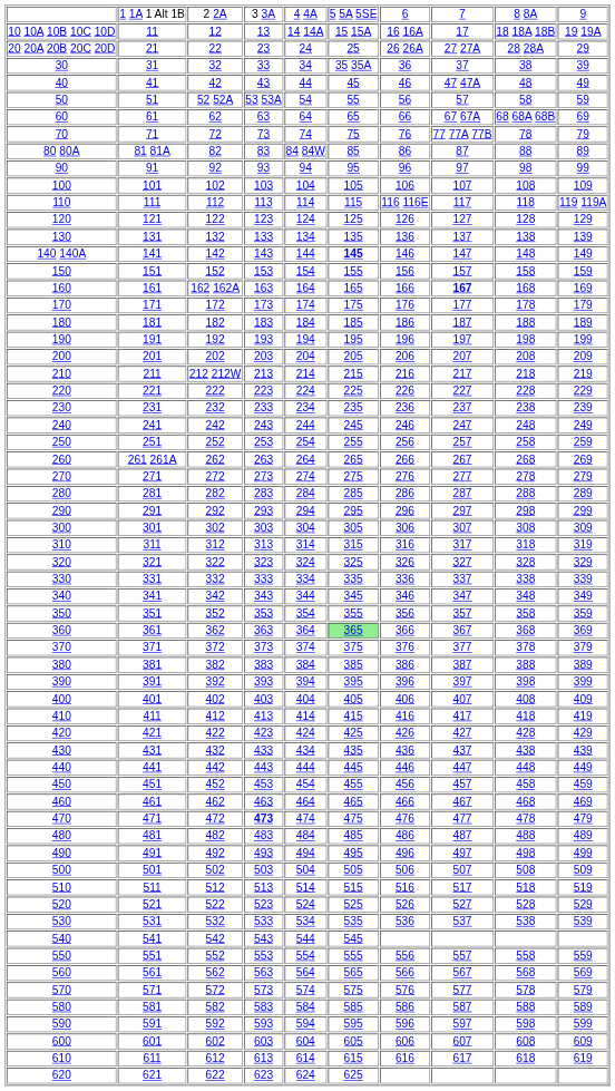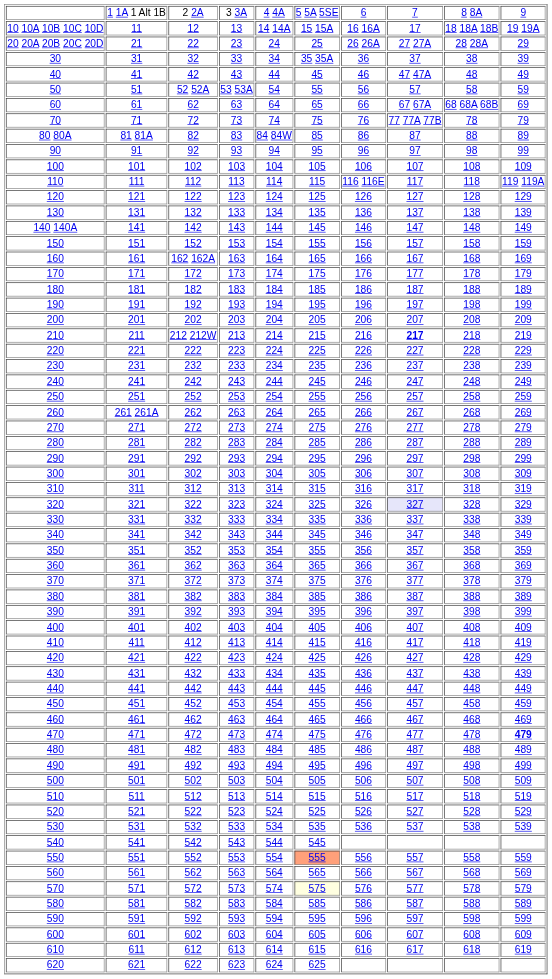 <table style="text-align:center;" border=1>
 <tr>
 <td></td>
 <td><a href='#'>1</a> <a href='#'>1A</a> 1 Alt 1B</td>
 <td>2 <a href='#'>2A</a></td>
 <td>3 <a href='#'>3A</a></td>
 <td><a href='#'>4</a> <a href='#'>4A</a></td>
 <td><a href='#'>5</a> <a href='#'>5A</a> <a href='#'>5SE</a></td>
 <td><a href='#'>6</a></td>
 <td><a href='#'>7</a></td>
 <td><a href='#'>8</a> <a href='#'>8A</a></td>
 <td><a href='#'>9</a></td>
 </tr>
 <tr>
 <td><a href='#'>10</a> <a href='#'>10A</a> <a href='#'>10B</a> <a href='#'>10C</a> <a href='#'>10D</a></td>
 <td><a href='#'>11</a></td>
 <td><a href='#'>12</a></td>
 <td><a href='#'>13</a></td>
 <td><a href='#'>14</a> <a href='#'>14A</a></td>
 <td><a href='#'>15</a> <a href='#'>15A</a></td>
 <td><a href='#'>16</a> <a href='#'>16A</a></td>
 <td><a href='#'>17</a></td>
 <td><a href='#'>18</a> <a href='#'>18A</a> <a href='#'>18B</a></td>
 <td><a href='#'>19</a> <a href='#'>19A</a></td>
 </tr>
 <tr>
 <td><a href='#'>20</a> <a href='#'>20A</a> <a href='#'>20B</a> <a href='#'>20C</a> <a href='#'>20D</a></td>
 <td><a href='#'>21</a></td>
 <td><a href='#'>22</a></td>
 <td><a href='#'>23</a></td>
 <td><a href='#'>24</a></td>
 <td><a href='#'>25</a></td>
 <td><a href='#'>26</a> <a href='#'>26A</a></td>
 <td><a href='#'>27</a> <a href='#'>27A</a></td>
 <td><a href='#'>28</a> <a href='#'>28A</a></td>
 <td><a href='#'>29</a></td>
 </tr>
 <tr>
 <td><a href='#'>30</a></td>
 <td><a href='#'>31</a></td>
 <td><a href='#'>32</a></td>
 <td><a href='#'>33</a></td>
 <td><a href='#'>34</a></td>
 <td><a href='#'>35</a> <a href='#'>35A</a></td>
 <td><a href='#'>36</a></td>
 <td><a href='#'>37</a></td>
 <td><a href='#'>38</a></td>
 <td><a href='#'>39</a></td>
 </tr>
 <tr>
 <td><a href='#'>40</a></td>
 <td><a href='#'>41</a></td>
 <td><a href='#'>42</a></td>
 <td><a href='#'>43</a></td>
 <td><a href='#'>44</a></td>
 <td><a href='#'>45</a></td>
 <td><a href='#'>46</a></td>
 <td><a href='#'>47</a> <a href='#'>47A</a></td>
 <td><a href='#'>48</a></td>
 <td><a href='#'>49</a></td>
 </tr>
 <tr>
 <td><a href='#'>50</a></td>
 <td><a href='#'>51</a></td>
 <td><a href='#'>52</a> <a href='#'>52A</a></td>
 <td><a href='#'>53</a> <a href='#'>53A</a></td>
 <td><a href='#'>54</a></td>
 <td><a href='#'>55</a></td>
 <td><a href='#'>56</a></td>
 <td><a href='#'>57</a></td>
 <td><a href='#'>58</a></td>
 <td><a href='#'>59</a></td>
 </tr>
 <tr>
 <td><a href='#'>60</a></td>
 <td><a href='#'>61</a></td>
 <td><a href='#'>62</a></td>
 <td><a href='#'>63</a></td>
 <td><a href='#'>64</a></td>
 <td><a href='#'>65</a></td>
 <td><a href='#'>66</a></td>
 <td><a href='#'>67</a> <a href='#'>67A</a></td>
 <td><a href='#'>68</a> <a href='#'>68A</a> <a href='#'>68B</a></td>
 <td><a href='#'>69</a></td>
 </tr>
 <tr>
 <td><a href='#'>70</a></td>
 <td><a href='#'>71</a></td>
 <td><a href='#'>72</a></td>
 <td><a href='#'>73</a></td>
 <td><a href='#'>74</a></td>
 <td><a href='#'>75</a></td>
 <td><a href='#'>76</a></td>
 <td><a href='#'>77</a> <a href='#'>77A</a> <a href='#'>77B</a></td>
 <td><a href='#'>78</a></td>
 <td><a href='#'>79</a></td>
 </tr>
 <tr>
 <td><a href='#'>80</a> <a href='#'>80A</a></td>
 <td><a href='#'>81</a> <a href='#'>81A</a></td>
 <td><a href='#'>82</a></td>
 <td><a href='#'>83</a></td>
 <td><a href='#'>84</a> <a href='#'>84W</a></td>
 <td><a href='#'>85</a></td>
 <td><a href='#'>86</a></td>
 <td><a href='#'>87</a></td>
 <td><a href='#'>88</a></td>
 <td><a href='#'>89</a></td>
 </tr>
 <tr>
 <td><a href='#'>90</a></td>
 <td><a href='#'>91</a></td>
 <td><a href='#'>92</a></td>
 <td><a href='#'>93</a></td>
 <td><a href='#'>94</a></td>
 <td><a href='#'>95</a></td>
 <td><a href='#'>96</a></td>
 <td><a href='#'>97</a></td>
 <td><a href='#'>98</a></td>
 <td><a href='#'>99</a></td>
 </tr>
 <tr>
 <td><a href='#'>100</a></td>
 <td><a href='#'>101</a></td>
 <td><a href='#'>102</a></td>
 <td><a href='#'>103</a></td>
 <td><a href='#'>104</a></td>
 <td><a href='#'>105</a></td>
 <td><a href='#'>106</a></td>
 <td><a href='#'>107</a></td>
 <td><a href='#'>108</a></td>
 <td><a href='#'>109</a></td>
 </tr>
 <tr>
 <td><a href='#'>110</a></td>
 <td><a href='#'>111</a></td>
 <td><a href='#'>112</a></td>
 <td><a href='#'>113</a></td>
 <td><a href='#'>114</a></td>
 <td><a href='#'>115</a></td>
 <td><a href='#'>116</a> <a href='#'>116E</a></td>
 <td><a href='#'>117</a></td>
 <td><a href='#'>118</a></td>
 <td><a href='#'>119</a> <a href='#'>119A</a></td>
 </tr>
 <tr>
 <td><a href='#'>120</a></td>
 <td><a href='#'>121</a></td>
 <td><a href='#'>122</a></td>
 <td><a href='#'>123</a></td>
 <td><a href='#'>124</a></td>
 <td><a href='#'>125</a></td>
 <td><a href='#'>126</a></td>
 <td><a href='#'>127</a></td>
 <td><a href='#'>128</a></td>
 <td><a href='#'>129</a></td>
 </tr>
 <tr>
 <td><a href='#'>130</a></td>
 <td><a href='#'>131</a></td>
 <td><a href='#'>132</a></td>
 <td><a href='#'>133</a></td>
 <td><a href='#'>134</a></td>
 <td><a href='#'>135</a></td>
 <td><a href='#'>136</a></td>
 <td><a href='#'>137</a></td>
 <td><a href='#'>138</a></td>
 <td><a href='#'>139</a></td>
 </tr>
 <tr>
 <td><a href='#'>140</a> <a href='#'>140A</a></td>
 <td><a href='#'>141</a></td>
 <td><a href='#'>142</a></td>
 <td><a href='#'>143</a></td>
 <td><a href='#'>144</a></td>
-<td><strong><a href='#'>145</a></strong></td>
+<td><a href='#'>145</a></td>
 <td><a href='#'>146</a></td>
 <td><a href='#'>147</a></td>
 <td><a href='#'>148</a></td>
 <td><a href='#'>149</a></td>
 </tr>
 <tr>
 <td><a href='#'>150</a></td>
 <td><a href='#'>151</a></td>
 <td><a href='#'>152</a></td>
 <td><a href='#'>153</a></td>
 <td><a href='#'>154</a></td>
 <td><a href='#'>155</a></td>
 <td><a href='#'>156</a></td>
 <td><a href='#'>157</a></td>
 <td><a href='#'>158</a></td>
 <td><a href='#'>159</a></td>
 </tr>
 <tr>
 <td><a href='#'>160</a></td>
 <td><a href='#'>161</a></td>
 <td><a href='#'>162</a> <a href='#'>162A</a></td>
 <td><a href='#'>163</a></td>
 <td><a href='#'>164</a></td>
 <td><a href='#'>165</a></td>
 <td><a href='#'>166</a></td>
-<td><strong><a href='#'>167</a></strong></td>
+<td><a href='#'>167</a></td>
 <td><a href='#'>168</a></td>
 <td><a href='#'>169</a></td>
 </tr>
 <tr>
 <td><a href='#'>170</a></td>
 <td><a href='#'>171</a></td>
 <td><a href='#'>172</a></td>
 <td><a href='#'>173</a></td>
 <td><a href='#'>174</a></td>
 <td><a href='#'>175</a></td>
 <td><a href='#'>176</a></td>
 <td><a href='#'>177</a></td>
 <td><a href='#'>178</a></td>
 <td><a href='#'>179</a></td>
 </tr>
 <tr>
 <td><a href='#'>180</a></td>
 <td><a href='#'>181</a></td>
 <td><a href='#'>182</a></td>
 <td><a href='#'>183</a></td>
 <td><a href='#'>184</a></td>
 <td><a href='#'>185</a></td>
 <td><a href='#'>186</a></td>
 <td><a href='#'>187</a></td>
 <td><a href='#'>188</a></td>
 <td><a href='#'>189</a></td>
 </tr>
 <tr>
 <td><a href='#'>190</a></td>
 <td><a href='#'>191</a></td>
 <td><a href='#'>192</a></td>
 <td><a href='#'>193</a></td>
 <td><a href='#'>194</a></td>
 <td><a href='#'>195</a></td>
 <td><a href='#'>196</a></td>
 <td><a href='#'>197</a></td>
 <td><a href='#'>198</a></td>
 <td><a href='#'>199</a></td>
 </tr>
 <tr>
 <td><a href='#'>200</a></td>
 <td><a href='#'>201</a></td>
 <td><a href='#'>202</a></td>
 <td><a href='#'>203</a></td>
 <td><a href='#'>204</a></td>
 <td><a href='#'>205</a></td>
 <td><a href='#'>206</a></td>
 <td><a href='#'>207</a></td>
 <td><a href='#'>208</a></td>
 <td><a href='#'>209</a></td>
 </tr>
 <tr>
 <td><a href='#'>210</a></td>
 <td><a href='#'>211</a></td>
 <td><a href='#'>212</a> <a href='#'>212W</a></td>
 <td><a href='#'>213</a></td>
 <td><a href='#'>214</a></td>
 <td><a href='#'>215</a></td>
 <td><a href='#'>216</a></td>
-<td><a href='#'>217</a></td>
+<td><strong><a href='#'>217</a></strong></td>
 <td><a href='#'>218</a></td>
 <td><a href='#'>219</a></td>
 </tr>
 <tr>
 <td><a href='#'>220</a></td>
 <td><a href='#'>221</a></td>
 <td><a href='#'>222</a></td>
 <td><a href='#'>223</a></td>
 <td><a href='#'>224</a></td>
 <td><a href='#'>225</a></td>
 <td><a href='#'>226</a></td>
 <td><a href='#'>227</a></td>
 <td><a href='#'>228</a></td>
 <td><a href='#'>229</a></td>
 </tr>
 <tr>
 <td><a href='#'>230</a></td>
 <td><a href='#'>231</a></td>
 <td><a href='#'>232</a></td>
 <td><a href='#'>233</a></td>
 <td><a href='#'>234</a></td>
 <td><a href='#'>235</a></td>
 <td><a href='#'>236</a></td>
 <td><a href='#'>237</a></td>
 <td><a href='#'>238</a></td>
 <td><a href='#'>239</a></td>
 </tr>
 <tr>
 <td><a href='#'>240</a></td>
 <td><a href='#'>241</a></td>
 <td><a href='#'>242</a></td>
 <td><a href='#'>243</a></td>
 <td><a href='#'>244</a></td>
 <td><a href='#'>245</a></td>
 <td><a href='#'>246</a></td>
 <td><a href='#'>247</a></td>
 <td><a href='#'>248</a></td>
 <td><a href='#'>249</a></td>
 </tr>
 <tr>
 <td><a href='#'>250</a></td>
 <td><a href='#'>251</a></td>
 <td><a href='#'>252</a></td>
 <td><a href='#'>253</a></td>
 <td><a href='#'>254</a></td>
 <td><a href='#'>255</a></td>
 <td><a href='#'>256</a></td>
 <td><a href='#'>257</a></td>
 <td><a href='#'>258</a></td>
 <td><a href='#'>259</a></td>
 </tr>
 <tr>
 <td><a href='#'>260</a></td>
 <td><a href='#'>261</a> <a href='#'>261A</a></td>
 <td><a href='#'>262</a></td>
 <td><a href='#'>263</a></td>
 <td><a href='#'>264</a></td>
 <td><a href='#'>265</a></td>
 <td><a href='#'>266</a></td>
 <td><a href='#'>267</a></td>
 <td><a href='#'>268</a></td>
 <td><a href='#'>269</a></td>
 </tr>
 <tr>
 <td><a href='#'>270</a></td>
 <td><a href='#'>271</a></td>
 <td><a href='#'>272</a></td>
 <td><a href='#'>273</a></td>
 <td><a href='#'>274</a></td>
 <td><a href='#'>275</a></td>
 <td><a href='#'>276</a></td>
 <td><a href='#'>277</a></td>
 <td><a href='#'>278</a></td>
 <td><a href='#'>279</a></td>
 </tr>
 <tr>
 <td><a href='#'>280</a></td>
 <td><a href='#'>281</a></td>
 <td><a href='#'>282</a></td>
 <td><a href='#'>283</a></td>
 <td><a href='#'>284</a></td>
 <td><a href='#'>285</a></td>
 <td><a href='#'>286</a></td>
 <td><a href='#'>287</a></td>
 <td><a href='#'>288</a></td>
 <td><a href='#'>289</a></td>
 </tr>
 <tr>
 <td><a href='#'>290</a></td>
 <td><a href='#'>291</a></td>
 <td><a href='#'>292</a></td>
 <td><a href='#'>293</a></td>
 <td><a href='#'>294</a></td>
 <td><a href='#'>295</a></td>
 <td><a href='#'>296</a></td>
 <td><a href='#'>297</a></td>
 <td><a href='#'>298</a></td>
 <td><a href='#'>299</a></td>
 </tr>
 <tr>
 <td><a href='#'>300</a></td>
 <td><a href='#'>301</a></td>
 <td><a href='#'>302</a></td>
 <td><a href='#'>303</a></td>
 <td><a href='#'>304</a></td>
 <td><a href='#'>305</a></td>
 <td><a href='#'>306</a></td>
 <td><a href='#'>307</a></td>
 <td><a href='#'>308</a></td>
 <td><a href='#'>309</a></td>
 </tr>
 <tr>
 <td><a href='#'>310</a></td>
 <td><a href='#'>311</a></td>
 <td><a href='#'>312</a></td>
 <td><a href='#'>313</a></td>
 <td><a href='#'>314</a></td>
 <td><a href='#'>315</a></td>
 <td><a href='#'>316</a></td>
 <td><a href='#'>317</a></td>
 <td><a href='#'>318</a></td>
 <td><a href='#'>319</a></td>
 </tr>
 <tr>
 <td><a href='#'>320</a></td>
 <td><a href='#'>321</a></td>
 <td><a href='#'>322</a></td>
 <td><a href='#'>323</a></td>
 <td><a href='#'>324</a></td>
 <td><a href='#'>325</a></td>
 <td><a href='#'>326</a></td>
-<td><a href='#'>327</a></td>
+<td style="background: lavender;"><a href='#'>327</a></td>
 <td><a href='#'>328</a></td>
 <td><a href='#'>329</a></td>
 </tr>
 <tr>
 <td><a href='#'>330</a></td>
 <td><a href='#'>331</a></td>
 <td><a href='#'>332</a></td>
 <td><a href='#'>333</a></td>
 <td><a href='#'>334</a></td>
 <td><a href='#'>335</a></td>
 <td><a href='#'>336</a></td>
 <td><a href='#'>337</a></td>
 <td><a href='#'>338</a></td>
 <td><a href='#'>339</a></td>
 </tr>
 <tr>
 <td><a href='#'>340</a></td>
 <td><a href='#'>341</a></td>
 <td><a href='#'>342</a></td>
 <td><a href='#'>343</a></td>
 <td><a href='#'>344</a></td>
 <td><a href='#'>345</a></td>
 <td><a href='#'>346</a></td>
 <td><a href='#'>347</a></td>
 <td><a href='#'>348</a></td>
 <td><a href='#'>349</a></td>
 </tr>
 <tr>
 <td><a href='#'>350</a></td>
 <td><a href='#'>351</a></td>
 <td><a href='#'>352</a></td>
 <td><a href='#'>353</a></td>
 <td><a href='#'>354</a></td>
 <td><a href='#'>355</a></td>
 <td><a href='#'>356</a></td>
 <td><a href='#'>357</a></td>
 <td><a href='#'>358</a></td>
 <td><a href='#'>359</a></td>
 </tr>
 <tr>
 <td><a href='#'>360</a></td>
 <td><a href='#'>361</a></td>
 <td><a href='#'>362</a></td>
 <td><a href='#'>363</a></td>
 <td><a href='#'>364</a></td>
-<td style="background: lightgreen;"><a href='#'>365</a></td>
+<td><a href='#'>365</a></td>
 <td><a href='#'>366</a></td>
 <td><a href='#'>367</a></td>
 <td><a href='#'>368</a></td>
 <td><a href='#'>369</a></td>
 </tr>
 <tr>
 <td><a href='#'>370</a></td>
 <td><a href='#'>371</a></td>
 <td><a href='#'>372</a></td>
 <td><a href='#'>373</a></td>
 <td><a href='#'>374</a></td>
 <td><a href='#'>375</a></td>
 <td><a href='#'>376</a></td>
 <td><a href='#'>377</a></td>
 <td><a href='#'>378</a></td>
 <td><a href='#'>379</a></td>
 </tr>
 <tr>
 <td><a href='#'>380</a></td>
 <td><a href='#'>381</a></td>
 <td><a href='#'>382</a></td>
 <td><a href='#'>383</a></td>
 <td><a href='#'>384</a></td>
 <td><a href='#'>385</a></td>
 <td><a href='#'>386</a></td>
 <td><a href='#'>387</a></td>
 <td><a href='#'>388</a></td>
 <td><a href='#'>389</a></td>
 </tr>
 <tr>
 <td><a href='#'>390</a></td>
 <td><a href='#'>391</a></td>
 <td><a href='#'>392</a></td>
 <td><a href='#'>393</a></td>
 <td><a href='#'>394</a></td>
 <td><a href='#'>395</a></td>
 <td><a href='#'>396</a></td>
 <td><a href='#'>397</a></td>
 <td><a href='#'>398</a></td>
 <td><a href='#'>399</a></td>
 </tr>
 <tr>
 <td><a href='#'>400</a></td>
 <td><a href='#'>401</a></td>
 <td><a href='#'>402</a></td>
 <td><a href='#'>403</a></td>
 <td><a href='#'>404</a></td>
 <td><a href='#'>405</a></td>
 <td><a href='#'>406</a></td>
 <td><a href='#'>407</a></td>
 <td><a href='#'>408</a></td>
 <td><a href='#'>409</a></td>
 </tr>
 <tr>
 <td><a href='#'>410</a></td>
 <td><a href='#'>411</a></td>
 <td><a href='#'>412</a></td>
 <td><a href='#'>413</a></td>
 <td><a href='#'>414</a></td>
 <td><a href='#'>415</a></td>
 <td><a href='#'>416</a></td>
 <td><a href='#'>417</a></td>
 <td><a href='#'>418</a></td>
 <td><a href='#'>419</a></td>
 </tr>
 <tr>
 <td><a href='#'>420</a></td>
 <td><a href='#'>421</a></td>
 <td><a href='#'>422</a></td>
 <td><a href='#'>423</a></td>
 <td><a href='#'>424</a></td>
 <td><a href='#'>425</a></td>
 <td><a href='#'>426</a></td>
 <td><a href='#'>427</a></td>
 <td><a href='#'>428</a></td>
 <td><a href='#'>429</a></td>
 </tr>
 <tr>
 <td><a href='#'>430</a></td>
 <td><a href='#'>431</a></td>
 <td><a href='#'>432</a></td>
 <td><a href='#'>433</a></td>
 <td><a href='#'>434</a></td>
 <td><a href='#'>435</a></td>
 <td><a href='#'>436</a></td>
 <td><a href='#'>437</a></td>
 <td><a href='#'>438</a></td>
 <td><a href='#'>439</a></td>
 </tr>
 <tr>
 <td><a href='#'>440</a></td>
 <td><a href='#'>441</a></td>
 <td><a href='#'>442</a></td>
 <td><a href='#'>443</a></td>
 <td><a href='#'>444</a></td>
 <td><a href='#'>445</a></td>
 <td><a href='#'>446</a></td>
 <td><a href='#'>447</a></td>
 <td><a href='#'>448</a></td>
 <td><a href='#'>449</a></td>
 </tr>
 <tr>
 <td><a href='#'>450</a></td>
 <td><a href='#'>451</a></td>
 <td><a href='#'>452</a></td>
 <td><a href='#'>453</a></td>
 <td><a href='#'>454</a></td>
 <td><a href='#'>455</a></td>
 <td><a href='#'>456</a></td>
 <td><a href='#'>457</a></td>
 <td><a href='#'>458</a></td>
 <td><a href='#'>459</a></td>
 </tr>
 <tr>
 <td><a href='#'>460</a></td>
 <td><a href='#'>461</a></td>
 <td><a href='#'>462</a></td>
 <td><a href='#'>463</a></td>
 <td><a href='#'>464</a></td>
 <td><a href='#'>465</a></td>
 <td><a href='#'>466</a></td>
 <td><a href='#'>467</a></td>
 <td><a href='#'>468</a></td>
 <td><a href='#'>469</a></td>
 </tr>
 <tr>
 <td><a href='#'>470</a></td>
 <td><a href='#'>471</a></td>
 <td><a href='#'>472</a></td>
-<td><strong><a href='#'>473</a></strong></td>
+<td><a href='#'>473</a></td>
 <td><a href='#'>474</a></td>
 <td><a href='#'>475</a></td>
 <td><a href='#'>476</a></td>
 <td><a href='#'>477</a></td>
 <td><a href='#'>478</a></td>
-<td><a href='#'>479</a></td>
+<td><strong><a href='#'>479</a></strong></td>
 </tr>
 <tr>
 <td><a href='#'>480</a></td>
 <td><a href='#'>481</a></td>
 <td><a href='#'>482</a></td>
 <td><a href='#'>483</a></td>
 <td><a href='#'>484</a></td>
 <td><a href='#'>485</a></td>
 <td><a href='#'>486</a></td>
 <td><a href='#'>487</a></td>
 <td><a href='#'>488</a></td>
 <td><a href='#'>489</a></td>
 </tr>
 <tr>
 <td><a href='#'>490</a></td>
 <td><a href='#'>491</a></td>
 <td><a href='#'>492</a></td>
 <td><a href='#'>493</a></td>
 <td><a href='#'>494</a></td>
 <td><a href='#'>495</a></td>
 <td><a href='#'>496</a></td>
 <td><a href='#'>497</a></td>
 <td><a href='#'>498</a></td>
 <td><a href='#'>499</a></td>
 </tr>
 <tr>
 <td><a href='#'>500</a></td>
 <td><a href='#'>501</a></td>
 <td><a href='#'>502</a></td>
 <td><a href='#'>503</a></td>
 <td><a href='#'>504</a></td>
 <td><a href='#'>505</a></td>
 <td><a href='#'>506</a></td>
 <td><a href='#'>507</a></td>
 <td><a href='#'>508</a></td>
 <td><a href='#'>509</a></td>
 </tr>
 <tr>
 <td><a href='#'>510</a></td>
 <td><a href='#'>511</a></td>
 <td><a href='#'>512</a></td>
 <td><a href='#'>513</a></td>
 <td><a href='#'>514</a></td>
 <td><a href='#'>515</a></td>
 <td><a href='#'>516</a></td>
 <td><a href='#'>517</a></td>
 <td><a href='#'>518</a></td>
 <td><a href='#'>519</a></td>
 </tr>
 <tr>
 <td><a href='#'>520</a></td>
 <td><a href='#'>521</a></td>
 <td><a href='#'>522</a></td>
 <td><a href='#'>523</a></td>
 <td><a href='#'>524</a></td>
 <td><a href='#'>525</a></td>
 <td><a href='#'>526</a></td>
 <td><a href='#'>527</a></td>
 <td><a href='#'>528</a></td>
 <td><a href='#'>529</a></td>
 </tr>
 <tr>
 <td><a href='#'>530</a></td>
 <td><a href='#'>531</a></td>
 <td><a href='#'>532</a></td>
 <td><a href='#'>533</a></td>
 <td><a href='#'>534</a></td>
 <td><a href='#'>535</a></td>
 <td><a href='#'>536</a></td>
 <td><a href='#'>537</a></td>
 <td><a href='#'>538</a></td>
 <td><a href='#'>539</a></td>
 </tr>
 <tr>
 <td><a href='#'>540</a></td>
 <td><a href='#'>541</a></td>
 <td><a href='#'>542</a></td>
 <td><a href='#'>543</a></td>
 <td><a href='#'>544</a></td>
 <td><a href='#'>545</a></td>
 <td></td>
 <td></td>
 <td></td>
 <td></td>
 </tr>
 <tr>
 <td><a href='#'>550</a></td>
 <td><a href='#'>551</a></td>
 <td><a href='#'>552</a></td>
 <td><a href='#'>553</a></td>
 <td><a href='#'>554</a></td>
-<td><a href='#'>555</a></td>
+<td style="background: lightsalmon;"><a href='#'>555</a></td>
 <td><a href='#'>556</a></td>
 <td><a href='#'>557</a></td>
 <td><a href='#'>558</a></td>
 <td><a href='#'>559</a></td>
 </tr>
 <tr>
 <td><a href='#'>560</a></td>
 <td><a href='#'>561</a></td>
 <td><a href='#'>562</a></td>
 <td><a href='#'>563</a></td>
 <td><a href='#'>564</a></td>
 <td><a href='#'>565</a></td>
 <td><a href='#'>566</a></td>
 <td><a href='#'>567</a></td>
 <td><a href='#'>568</a></td>
 <td><a href='#'>569</a></td>
 </tr>
 <tr>
 <td><a href='#'>570</a></td>
 <td><a href='#'>571</a></td>
 <td><a href='#'>572</a></td>
 <td><a href='#'>573</a></td>
 <td><a href='#'>574</a></td>
-<td><a href='#'>575</a></td>
+<td style="background: lightyellow;"><a href='#'>575</a></td>
 <td><a href='#'>576</a></td>
 <td><a href='#'>577</a></td>
 <td><a href='#'>578</a></td>
 <td><a href='#'>579</a></td>
 </tr>
 <tr>
 <td><a href='#'>580</a></td>
 <td><a href='#'>581</a></td>
 <td><a href='#'>582</a></td>
 <td><a href='#'>583</a></td>
 <td><a href='#'>584</a></td>
 <td><a href='#'>585</a></td>
 <td><a href='#'>586</a></td>
 <td><a href='#'>587</a></td>
 <td><a href='#'>588</a></td>
 <td><a href='#'>589</a></td>
 </tr>
 <tr>
 <td><a href='#'>590</a></td>
 <td><a href='#'>591</a></td>
 <td><a href='#'>592</a></td>
 <td><a href='#'>593</a></td>
 <td><a href='#'>594</a></td>
 <td><a href='#'>595</a></td>
 <td><a href='#'>596</a></td>
 <td><a href='#'>597</a></td>
 <td><a href='#'>598</a></td>
 <td><a href='#'>599</a></td>
 </tr>
 <tr>
 <td><a href='#'>600</a></td>
 <td><a href='#'>601</a></td>
 <td><a href='#'>602</a></td>
 <td><a href='#'>603</a></td>
 <td><a href='#'>604</a></td>
 <td><a href='#'>605</a></td>
 <td><a href='#'>606</a></td>
 <td><a href='#'>607</a></td>
 <td><a href='#'>608</a></td>
 <td><a href='#'>609</a></td>
 </tr>
 <tr>
 <td><a href='#'>610</a></td>
 <td><a href='#'>611</a></td>
 <td><a href='#'>612</a></td>
 <td><a href='#'>613</a></td>
 <td><a href='#'>614</a></td>
 <td><a href='#'>615</a></td>
 <td><a href='#'>616</a></td>
 <td><a href='#'>617</a></td>
 <td><a href='#'>618</a></td>
 <td><a href='#'>619</a></td>
 </tr>
 <tr>
 <td><a href='#'>620</a></td>
 <td><a href='#'>621</a></td>
 <td><a href='#'>622</a></td>
 <td><a href='#'>623</a></td>
 <td><a href='#'>624</a></td>
 <td><a href='#'>625</a></td>
 <td></td>
 <td></td>
 <td></td>
 <td></td>
 </tr>
 </table>
